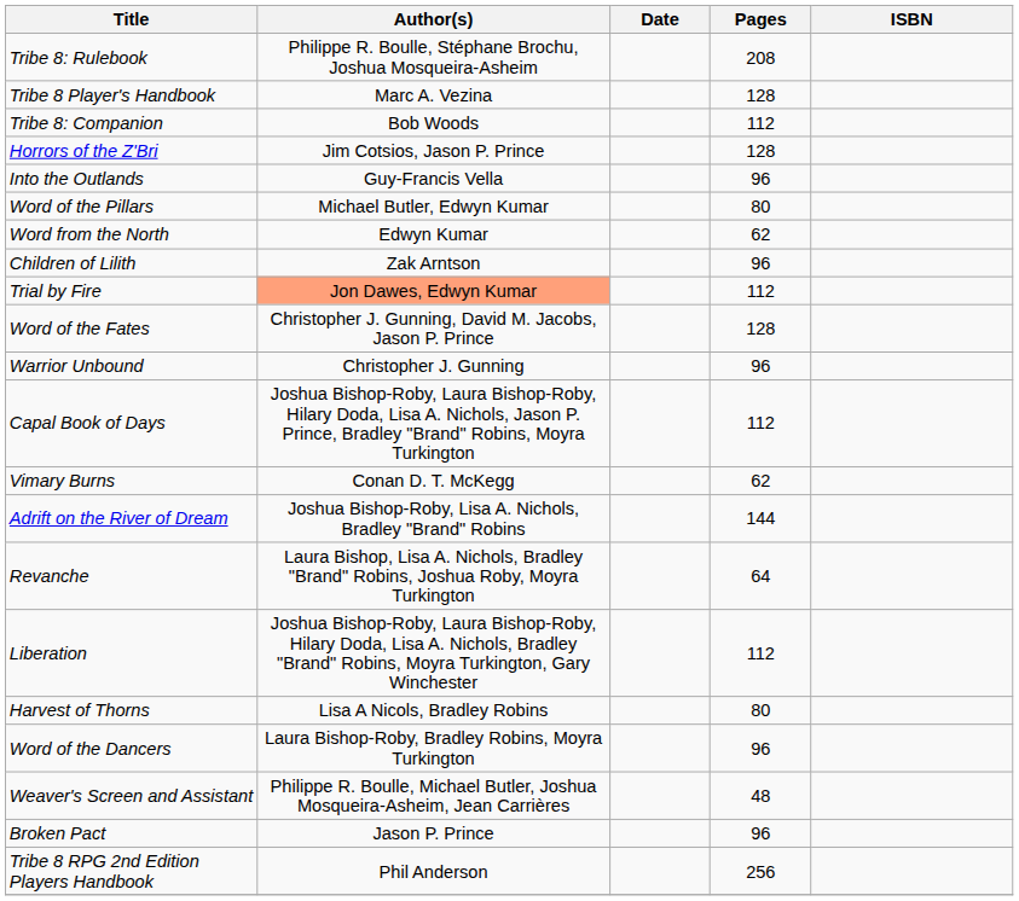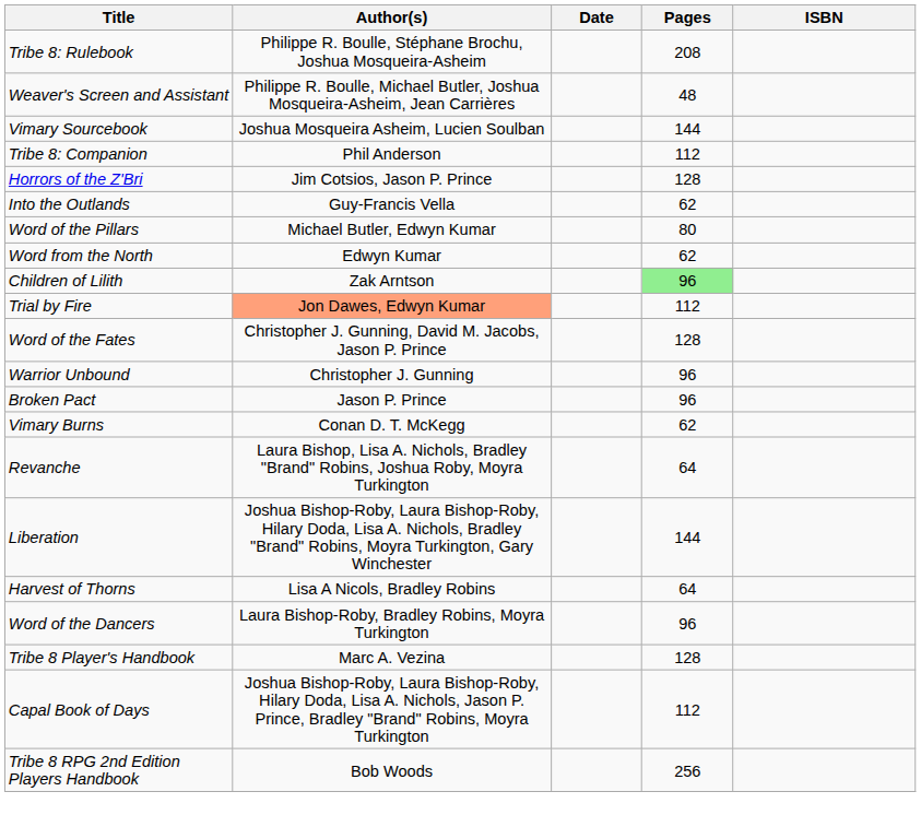 <table class="wikitable sortable" style="margins:auto; width=95%; font-size: 95%;">
 <tr>
 <th width="25%">Title</th>
 <th width="35%">Author(s)</th>
 <th width="10%">Date</th>
 <th width="10%">Pages</th>
 <th width="20%" style="text-align:center">ISBN</th>
 </tr>
 <tr>
 <td><em>Tribe 8: Rulebook</em></td>
 <td style="text-align:center">Philippe R. Boulle, Stéphane Brochu, Joshua Mosqueira-Asheim</td>
 <td style="text-align:center"></td>
 <td style="text-align:center">208</td>
 <td style="text-align:center"></td>
 </tr>
 <tr>
-<td><em>Tribe 8 Player's Handbook</em></td>
-<td style="text-align:center">Marc A. Vezina</td>
+<td><em>Weaver's Screen and Assistant</em></td>
+<td style="text-align:center">Philippe R. Boulle, Michael Butler, Joshua Mosqueira-Asheim, Jean Carrières</td>
 <td style="text-align:center"></td>
-<td style="text-align:center">128</td>
+<td style="text-align:center">48</td>
+<td style="text-align:center"></td>
+</tr>
+<tr>
+<td><em>Vimary Sourcebook</em></td>
+<td style="text-align:center">Joshua Mosqueira Asheim, Lucien Soulban</td>
+<td style="text-align:center"></td>
+<td style="text-align:center">144</td>
 <td style="text-align:center"></td>
 </tr>
 <tr>
 <td><em>Tribe 8: Companion</em></td>
-<td style="text-align:center">Bob Woods</td>
+<td style="text-align:center">Phil Anderson</td>
 <td style="text-align:center"></td>
 <td style="text-align:center">112</td>
 <td style="text-align:center"></td>
 </tr>
 <tr>
 <td><em><a href='#'>Horrors of the Z'Bri</a></em></td>
 <td style="text-align:center">Jim Cotsios, Jason P. Prince</td>
 <td style="text-align:center"></td>
 <td style="text-align:center">128</td>
 <td style="text-align:center"></td>
 </tr>
 <tr>
 <td><em>Into the Outlands</em></td>
 <td style="text-align:center">Guy-Francis Vella</td>
 <td style="text-align:center"></td>
-<td style="text-align:center">96</td>
+<td style="text-align:center">62</td>
 <td style="text-align:center"></td>
 </tr>
 <tr>
 <td><em>Word of the Pillars</em></td>
 <td style="text-align:center">Michael Butler, Edwyn Kumar</td>
 <td style="text-align:center"></td>
 <td style="text-align:center">80</td>
 <td style="text-align:center"></td>
 </tr>
 <tr>
 <td><em>Word from the North</em></td>
 <td style="text-align:center">Edwyn Kumar</td>
 <td style="text-align:center"></td>
 <td style="text-align:center">62</td>
 <td style="text-align:center"></td>
 </tr>
 <tr>
 <td><em>Children of Lilith</em></td>
 <td style="text-align:center">Zak Arntson</td>
 <td style="text-align:center"></td>
-<td style="text-align:center">96</td>
+<td style="background: lightgreen; text-align:center">96</td>
 <td style="text-align:center"></td>
 </tr>
 <tr>
 <td><em>Trial by Fire</em></td>
 <td style="background: lightsalmon; text-align:center">Jon Dawes, Edwyn Kumar</td>
 <td style="text-align:center"></td>
 <td style="text-align:center">112</td>
 <td style="text-align:center"></td>
 </tr>
 <tr>
 <td><em>Word of the Fates</em></td>
 <td style="text-align:center">Christopher J. Gunning, David M. Jacobs, Jason P. Prince</td>
 <td style="text-align:center"></td>
 <td style="text-align:center">128</td>
 <td style="text-align:center"></td>
 </tr>
 <tr>
 <td><em>Warrior Unbound</em></td>
 <td style="text-align:center">Christopher J. Gunning</td>
 <td style="text-align:center"></td>
 <td style="text-align:center">96</td>
 <td style="text-align:center"></td>
 </tr>
 <tr>
-<td><em>Capal Book of Days</em></td>
-<td style="text-align:center">Joshua Bishop-Roby, Laura Bishop-Roby, Hilary Doda, Lisa A. Nichols, Jason P. Prince, Bradley "Brand" Robins, Moyra Turkington</td>
+<td><em>Broken Pact</em></td>
+<td style="text-align:center">Jason P. Prince</td>
 <td style="text-align:center"></td>
-<td style="text-align:center">112</td>
+<td style="text-align:center">96</td>
 <td style="text-align:center"></td>
 </tr>
 <tr>
 <td><em>Vimary Burns</em></td>
 <td style="text-align:center">Conan D. T. McKegg</td>
 <td style="text-align:center"></td>
 <td style="text-align:center">62</td>
-<td style="text-align:center"></td>
-</tr>
-<tr>
-<td><em><a href='#'>Adrift on the River of Dream</a></em></td>
-<td style="text-align:center">Joshua Bishop-Roby, Lisa A. Nichols, Bradley "Brand" Robins</td>
-<td style="text-align:center"></td>
-<td style="text-align:center">144</td>
 <td style="text-align:center"></td>
 </tr>
 <tr>
 <td><em>Revanche</em></td>
 <td style="text-align:center">Laura Bishop, Lisa A. Nichols, Bradley "Brand" Robins, Joshua Roby, Moyra Turkington</td>
 <td style="text-align:center"></td>
 <td style="text-align:center">64</td>
 <td style="text-align:center"></td>
 </tr>
 <tr>
 <td><em>Liberation</em></td>
 <td style="text-align:center">Joshua Bishop-Roby, Laura Bishop-Roby, Hilary Doda, Lisa A. Nichols, Bradley "Brand" Robins, Moyra Turkington, Gary Winchester</td>
 <td style="text-align:center"></td>
-<td style="text-align:center">112</td>
+<td style="text-align:center">144</td>
 <td style="text-align:center"></td>
 </tr>
 <tr>
 <td><em>Harvest of Thorns</em></td>
 <td style="text-align:center">Lisa A Nicols, Bradley Robins</td>
 <td style="text-align:center"></td>
-<td style="text-align:center">80</td>
+<td style="text-align:center">64</td>
 <td style="text-align:center"></td>
 </tr>
 <tr>
 <td><em>Word of the Dancers</em></td>
 <td style="text-align:center">Laura Bishop-Roby, Bradley Robins, Moyra Turkington</td>
 <td style="text-align:center"></td>
 <td style="text-align:center">96</td>
 <td style="text-align:center"></td>
 </tr>
 <tr>
-<td><em>Weaver's Screen and Assistant</em></td>
-<td style="text-align:center">Philippe R. Boulle, Michael Butler, Joshua Mosqueira-Asheim, Jean Carrières</td>
+<td><em>Tribe 8 Player's Handbook</em></td>
+<td style="text-align:center">Marc A. Vezina</td>
 <td style="text-align:center"></td>
-<td style="text-align:center">48</td>
+<td style="text-align:center">128</td>
 <td style="text-align:center"></td>
 </tr>
 <tr>
-<td><em>Broken Pact</em></td>
-<td style="text-align:center">Jason P. Prince</td>
+<td><em>Capal Book of Days</em></td>
+<td style="text-align:center">Joshua Bishop-Roby, Laura Bishop-Roby, Hilary Doda, Lisa A. Nichols, Jason P. Prince, Bradley "Brand" Robins, Moyra Turkington</td>
 <td style="text-align:center"></td>
-<td style="text-align:center">96</td>
+<td style="text-align:center">112</td>
 <td style="text-align:center"></td>
 </tr>
 <tr>
 <td><em>Tribe 8 RPG 2nd Edition Players Handbook</em></td>
-<td style="text-align:center">Phil Anderson</td>
+<td style="text-align:center">Bob Woods</td>
 <td style="text-align:center"></td>
 <td style="text-align:center">256</td>
 <td style="text-align:center"></td>
 </tr>
 <tr>
 </tr>
 </table>
